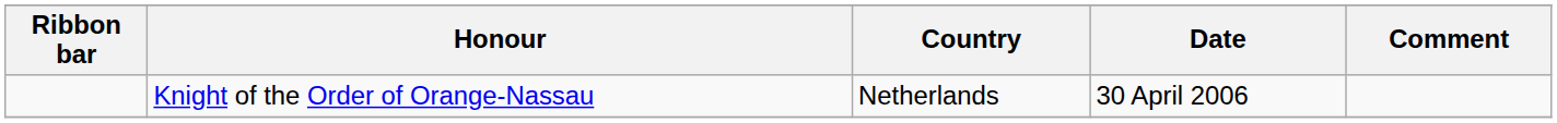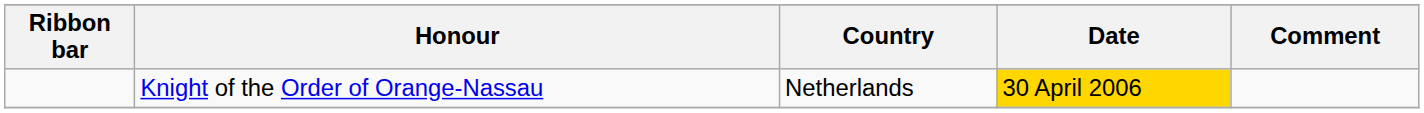 <table class="wikitable" style="width:60%;">
 <tr style="background:#ccf; text-align:center;">
 </tr>
 <tr>
 <th style="width:80px;">Ribbon bar</th>
 <th>Honour</th>
 <th>Country</th>
 <th>Date</th>
 <th>Comment</th>
 </tr>
 <tr>
 <td></td>
 <td><a href='#'>Knight</a> of the <a href='#'>Order of Orange-Nassau</a></td>
 <td>Netherlands</td>
-<td>30 April 2006</td>
+<td style="background: gold;">30 April 2006</td>
 <td></td>
 </tr>
 <tr>
 </tr>
 </table>
